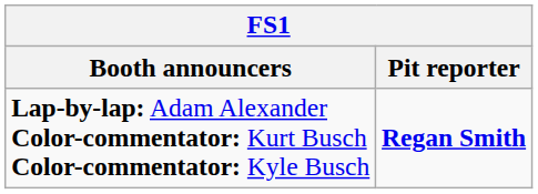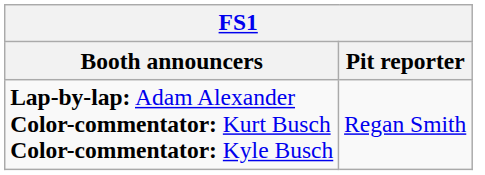 <table class="wikitable">
 <tr>
 <th colspan="2"><a href='#'>FS1</a></th>
 </tr>
 <tr>
 <th>Booth announcers</th>
 <th>Pit reporter</th>
 </tr>
 <tr>
 <td><strong>Lap-by-lap:</strong> <a href='#'>Adam Alexander</a><br><strong>Color-commentator:</strong> <a href='#'>Kurt Busch</a><br><strong>Color-commentator:</strong> <a href='#'>Kyle Busch</a></td>
-<td><strong><a href='#'>Regan Smith</a></strong></td>
+<td><a href='#'>Regan Smith</a></td>
 </tr>
 </table>
